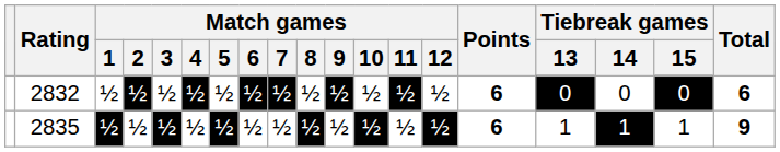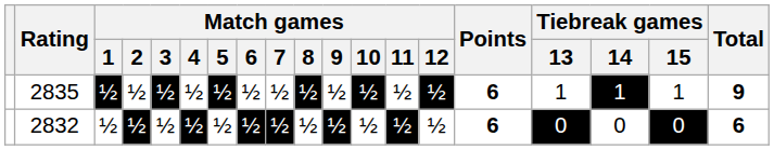 <table class="wikitable" style="text-align:center; background:white; color:black">
 <tr>
 <th rowspan=2></th>
 <th rowspan=2>Rating</th>
 <th colspan=12>Match games</th>
 <th rowspan=2>Points</th>
 <th colspan=3>Tiebreak games</th>
 <th rowspan=2>Total</th>
 </tr>
 <tr>
 <th>1</th>
 <th>2</th>
 <th>3</th>
 <th>4</th>
 <th>5</th>
 <th>6</th>
 <th>7</th>
 <th>8</th>
 <th>9</th>
 <th>10</th>
 <th>11</th>
 <th>12</th>
 <th>13</th>
 <th>14</th>
 <th>15</th>
 </tr>
 <tr>
 <td align=left></td>
+<td>2835</td>
+<td style="background:black; color:white">½</td>
+<td>½</td>
+<td style="background:black; color:white">½</td>
+<td>½</td>
+<td style="background:black; color:white">½</td>
+<td>½</td>
+<td>½</td>
+<td style="background:black; color:white">½</td>
+<td>½</td>
+<td style="background:black; color:white">½</td>
+<td>½</td>
+<td style="background:black; color:white">½</td>
+<td><strong>6</strong></td>
+<td>1</td>
+<td style="background:black; color:white">1</td>
+<td>1</td>
+<td><strong>9</strong></td>
+</tr>
+<tr>
+<td align=left></td>
 <td>2832</td>
 <td>½</td>
 <td style="background:black; color:white">½</td>
 <td>½</td>
 <td style="background:black; color:white">½</td>
 <td>½</td>
 <td style="background:black; color:white">½</td>
 <td style="background:black; color:white">½</td>
 <td>½</td>
 <td style="background:black; color:white">½</td>
 <td>½</td>
 <td style="background:black; color:white">½</td>
 <td>½</td>
 <td><strong>6</strong></td>
 <td style="background:black; color:white">0</td>
 <td>0</td>
 <td style="background:black; color:white">0</td>
 <td><strong>6</strong></td>
 </tr>
-<tr>
-<td align=left></td>
-<td>2835</td>
-<td style="background:black; color:white">½</td>
-<td>½</td>
-<td style="background:black; color:white">½</td>
-<td>½</td>
-<td style="background:black; color:white">½</td>
-<td>½</td>
-<td>½</td>
-<td style="background:black; color:white">½</td>
-<td>½</td>
-<td style="background:black; color:white">½</td>
-<td>½</td>
-<td style="background:black; color:white">½</td>
-<td><strong>6</strong></td>
-<td>1</td>
-<td style="background:black; color:white">1</td>
-<td>1</td>
-<td><strong>9</strong></td>
-</tr>
 </table>
